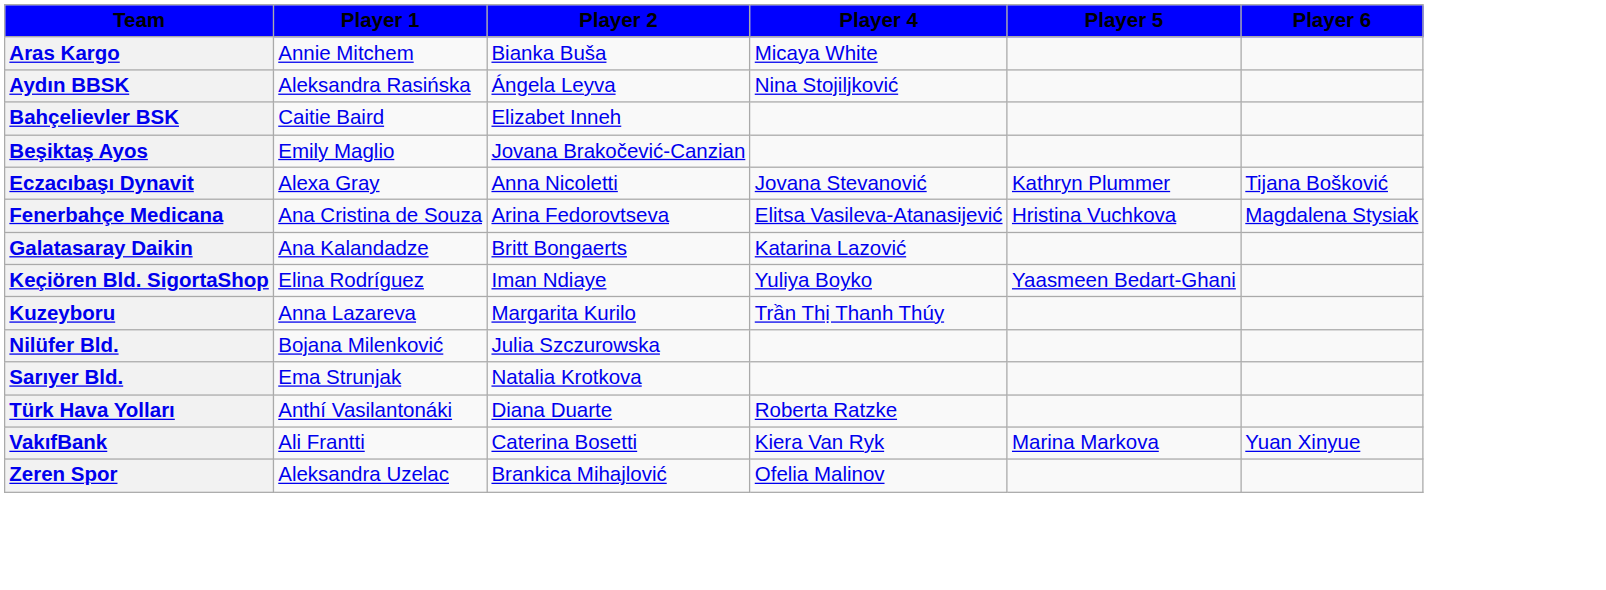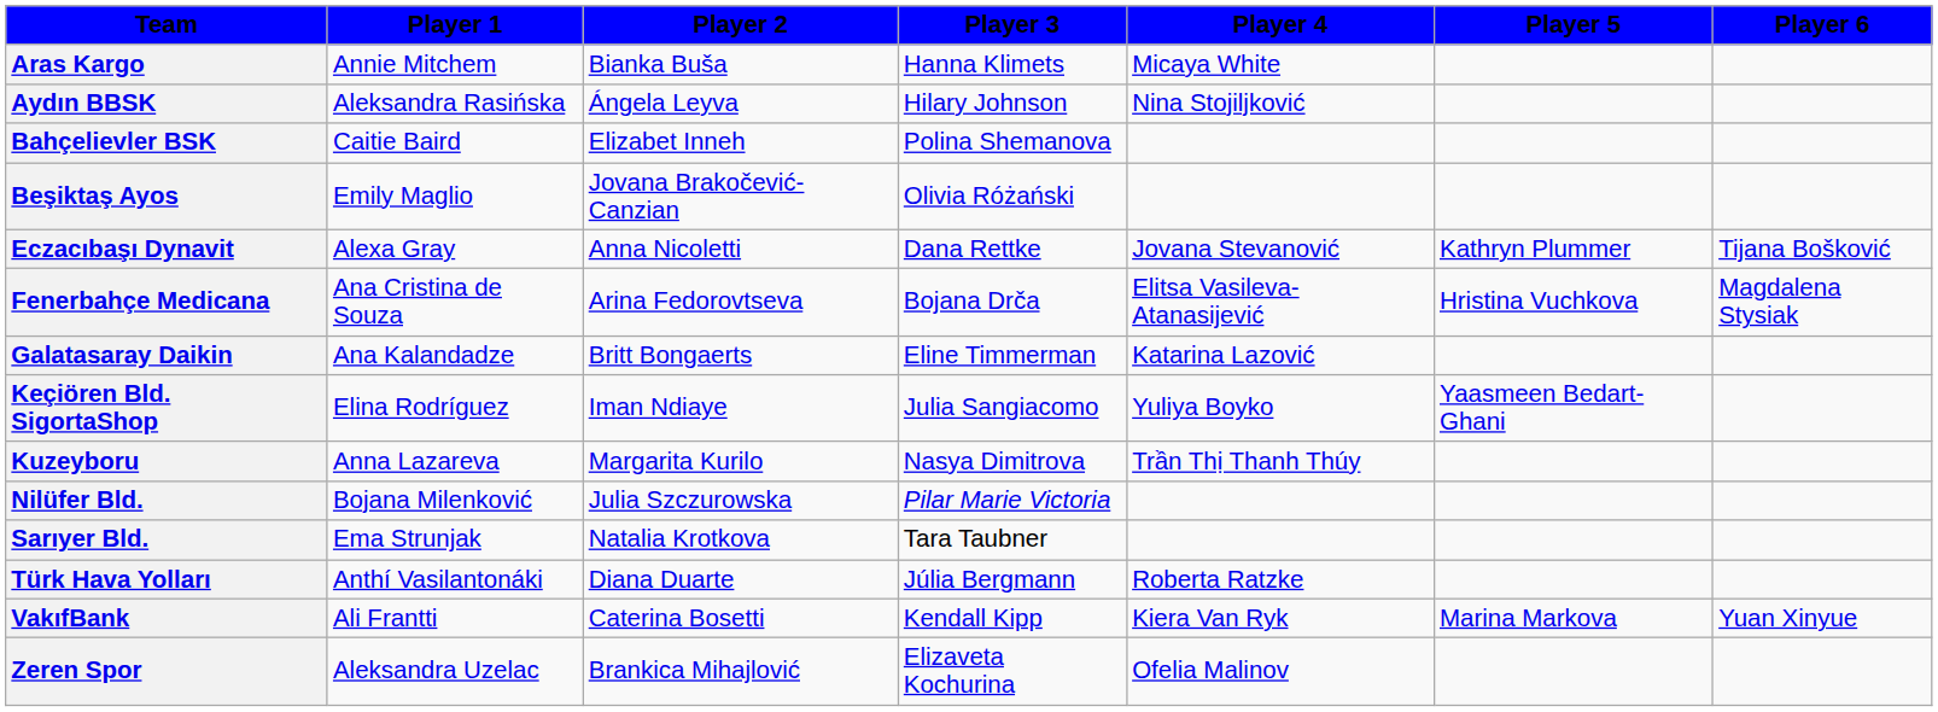 <table class="wikitable" style="font-size:%;100 width: 70%; text-align:left;">
 <tr>
 <th scope="col" style=background:blue><span><strong>Team</strong></span></th>
 <th scope="col" style=background:blue><span><strong>Player 1</strong></span></th>
 <th scope="col" style=background:blue><span><strong>Player 2</strong></span></th>
+<th scope="col" style=background:blue><span><strong>Player 3</strong></span></th>
 <th scope="col" style=background:blue><span><strong>Player 4</strong></span></th>
 <th scope="col" style=background:blue><span><strong>Player 5</strong></span></th>
 <th scope="col" style=background:blue><span><strong>Player 6</strong></span></th>
 </tr>
 <tr>
 <th scope="row" style=text-align:left><strong><a href='#'>Aras Kargo</a></strong></th>
 <td> <a href='#'>Annie Mitchem</a></td>
 <td> <a href='#'>Bianka Buša</a></td>
+<td> <a href='#'>Hanna Klimets</a></td>
 <td> <a href='#'>Micaya White</a></td>
 <td></td>
 <td></td>
 </tr>
 <tr>
 <th scope="row" style=text-align:left><strong><a href='#'>Aydın BBSK</a></strong></th>
 <td> <a href='#'>Aleksandra Rasińska</a></td>
 <td> <a href='#'>Ángela Leyva</a></td>
+<td> <a href='#'>Hilary Johnson</a></td>
 <td> <a href='#'>Nina Stojiljković</a></td>
 <td></td>
 <td></td>
 </tr>
 <tr>
 <th scope="row" style=text-align:left><strong><a href='#'>Bahçelievler BSK</a></strong></th>
 <td> <a href='#'>Caitie Baird</a></td>
 <td> <a href='#'>Elizabet Inneh</a></td>
+<td> <a href='#'>Polina Shemanova</a></td>
 <td></td>
 <td></td>
 <td></td>
 </tr>
 <tr>
 <th scope="row" style=text-align:left><strong><a href='#'>Beşiktaş Ayos</a></strong></th>
 <td> <a href='#'>Emily Maglio</a></td>
 <td> <a href='#'>Jovana Brakočević-Canzian</a></td>
+<td> <a href='#'>Olivia Różański</a></td>
 <td></td>
 <td></td>
 <td></td>
 </tr>
 <tr>
 <th scope="row" style=text-align:left><a href='#'>Eczacıbaşı Dynavit</a></th>
 <td> <a href='#'>Alexa Gray</a></td>
 <td> <a href='#'>Anna Nicoletti</a></td>
+<td> <a href='#'>Dana Rettke</a></td>
 <td> <a href='#'>Jovana Stevanović</a></td>
 <td> <a href='#'>Kathryn Plummer</a></td>
 <td> <a href='#'>Tijana Bošković</a></td>
 </tr>
 <tr>
 <th scope="row" style=text-align:left><a href='#'>Fenerbahçe Medicana</a></th>
 <td> <a href='#'>Ana Cristina de Souza</a></td>
 <td> <a href='#'>Arina Fedorovtseva</a></td>
+<td> <a href='#'>Bojana Drča</a></td>
 <td> <a href='#'>Elitsa Vasileva-Atanasijević</a></td>
 <td> <a href='#'>Hristina Vuchkova</a></td>
 <td> <a href='#'>Magdalena Stysiak</a></td>
 </tr>
 <tr>
 <th scope="row" style=text-align:left><strong><a href='#'>Galatasaray Daikin</a></strong></th>
 <td> <a href='#'>Ana Kalandadze</a></td>
 <td> <a href='#'>Britt Bongaerts</a></td>
+<td> <a href='#'>Eline Timmerman</a></td>
 <td> <a href='#'>Katarina Lazović</a></td>
 <td></td>
 <td></td>
 </tr>
 <tr>
 <th scope="row" style=text-align:left><strong><a href='#'>Keçiören Bld. SigortaShop</a></strong></th>
 <td> <a href='#'>Elina Rodríguez</a></td>
 <td> <a href='#'>Iman Ndiaye</a></td>
+<td> <a href='#'>Julia Sangiacomo</a></td>
 <td> <a href='#'>Yuliya Boyko</a></td>
 <td> <a href='#'>Yaasmeen Bedart-Ghani</a></td>
 <td></td>
 </tr>
 <tr>
 <th scope="row" style=text-align:left><strong><a href='#'>Kuzeyboru</a></strong></th>
 <td> <a href='#'>Anna Lazareva</a></td>
 <td> <a href='#'>Margarita Kurilo</a></td>
+<td> <a href='#'>Nasya Dimitrova</a></td>
 <td> <a href='#'>Trần Thị Thanh Thúy</a></td>
 <td></td>
 <td></td>
 </tr>
 <tr>
 <th scope="row" style=text-align:left><strong><a href='#'>Nilüfer Bld.</a></strong></th>
 <td> <a href='#'>Bojana Milenković</a></td>
 <td> <a href='#'>Julia Szczurowska</a></td>
+<td> <em><a href='#'>Pilar Marie Victoria</a></em></td>
 <td></td>
 <td></td>
 <td></td>
 </tr>
 <tr>
 <th scope="row" style=text-align:left><strong><a href='#'>Sarıyer Bld.</a></strong></th>
 <td> <a href='#'>Ema Strunjak</a></td>
 <td> <a href='#'>Natalia Krotkova</a></td>
+<td> Tara Taubner</td>
 <td></td>
 <td></td>
 <td></td>
 </tr>
 <tr>
 <th scope="row" style=text-align:left><strong><a href='#'>Türk Hava Yolları</a></strong></th>
 <td> <a href='#'>Anthí Vasilantonáki</a></td>
 <td> <a href='#'>Diana Duarte</a></td>
+<td> <a href='#'>Júlia Bergmann</a></td>
 <td> <a href='#'>Roberta Ratzke</a></td>
 <td></td>
 <td></td>
 </tr>
 <tr>
 <th scope="row" style=text-align:left><strong><a href='#'>VakıfBank</a></strong></th>
 <td> <a href='#'>Ali Frantti</a></td>
 <td> <a href='#'>Caterina Bosetti</a></td>
+<td> <a href='#'>Kendall Kipp</a></td>
 <td> <a href='#'>Kiera Van Ryk</a></td>
 <td> <a href='#'>Marina Markova</a></td>
 <td> <a href='#'>Yuan Xinyue</a></td>
 </tr>
 <tr>
 <th scope="row" style=text-align:left><strong><a href='#'>Zeren Spor</a></strong></th>
 <td> <a href='#'>Aleksandra Uzelac</a></td>
 <td> <a href='#'>Brankica Mihajlović</a></td>
+<td> <a href='#'>Elizaveta Kochurina</a></td>
 <td> <a href='#'>Ofelia Malinov</a></td>
 <td></td>
 <td></td>
 </tr>
 </table>
